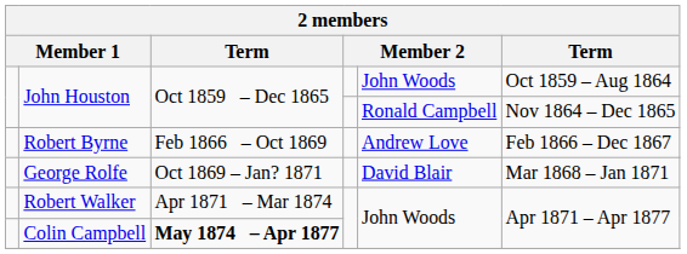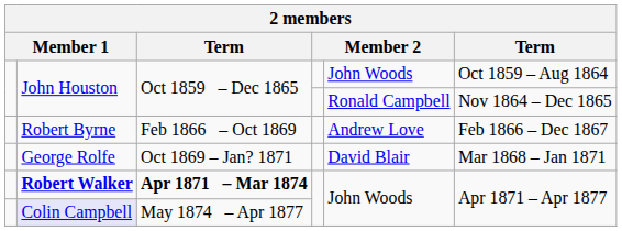 <table class="wikitable">
 <tr>
 <th colspan=6 style="border-right:0px;";>2 members</th>
 </tr>
 <tr>
 <th colspan="2">Member 1</th>
 <th>Term</th>
 <th colspan="2">Member 2</th>
 <th>Term</th>
 </tr>
 <tr>
 <td rowspan="2" > </td>
 <td rowspan="2"><a href='#'>John Houston</a></td>
 <td rowspan="2">Oct 1859   – Dec 1865</td>
 <td> </td>
 <td><a href='#'>John Woods</a></td>
 <td>Oct 1859 – Aug 1864</td>
 </tr>
 <tr>
 <td> </td>
 <td><a href='#'>Ronald Campbell</a></td>
 <td>Nov 1864 – Dec 1865</td>
 </tr>
 <tr>
 <td rowspan="2" > </td>
 <td rowspan="2"><a href='#'>Robert Byrne</a></td>
 <td rowspan="2">Feb 1866   – Oct 1869</td>
 <td> </td>
 <td><a href='#'>Andrew Love</a></td>
 <td>Feb 1866 – Dec 1867</td>
 </tr>
 <tr>
 <td rowspan="2"> </td>
 <td rowspan="2"><a href='#'>David Blair</a></td>
 <td rowspan="2">Mar 1868 – Jan 1871</td>
 </tr>
 <tr>
 <td> </td>
 <td><a href='#'>George Rolfe</a></td>
 <td>Oct 1869 – Jan? 1871</td>
 </tr>
 <tr>
 <td> </td>
-<td><a href='#'>Robert Walker</a></td>
-<td>Apr 1871   – Mar 1874</td>
+<td><strong><a href='#'>Robert Walker</a></strong></td>
+<td><strong>Apr 1871   – Mar 1874</strong></td>
 <td rowspan="2" > </td>
 <td rowspan="2">John Woods</td>
 <td rowspan="2">Apr 1871 – Apr 1877</td>
 </tr>
 <tr>
 <td> </td>
-<td><a href='#'>Colin Campbell</a></td>
-<td><strong>May 1874   – Apr 1877</strong></td>
+<td style="background: lavender;"><a href='#'>Colin Campbell</a></td>
+<td>May 1874   – Apr 1877</td>
 </tr>
 <tr>
 </tr>
 </table>
